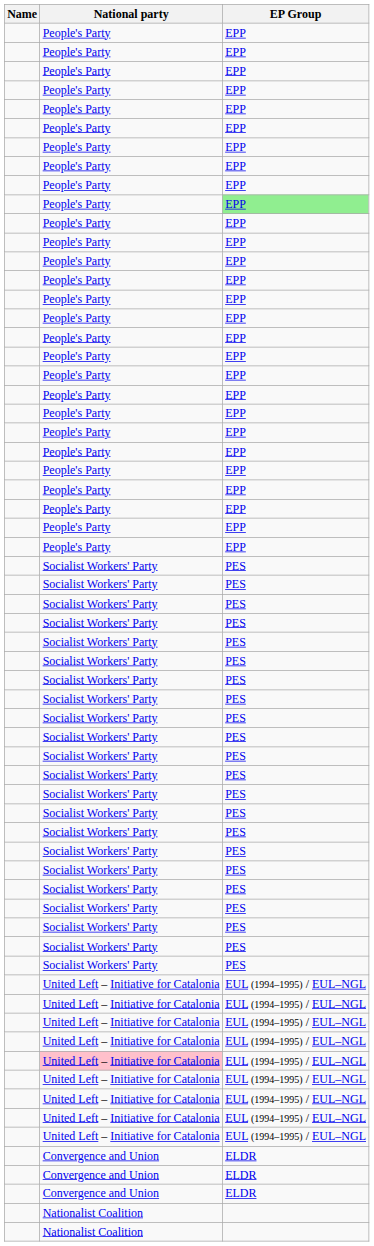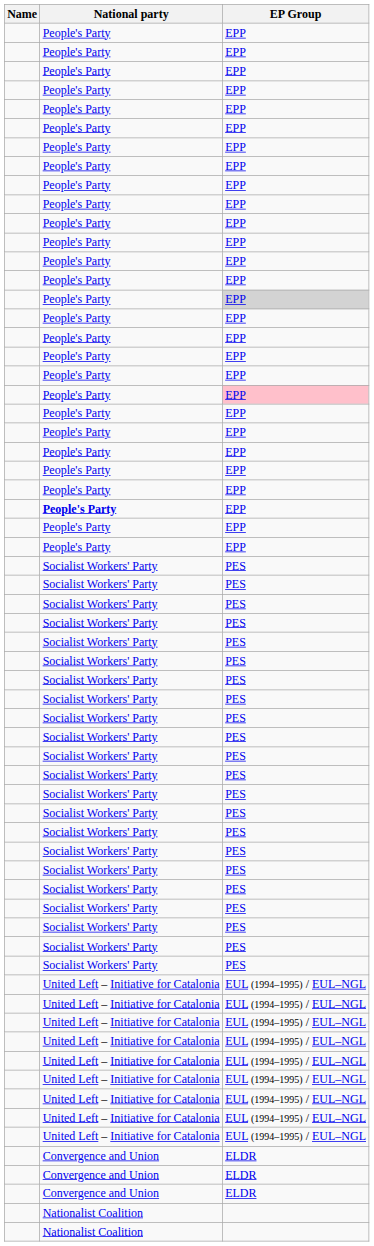 <table class="sortable wikitable">
 <tr>
 <th>Name</th>
 <th>National party</th>
 <th>EP Group</th>
-</tr>
-<tr>
-<td></td>
-<td> <a href='#'>People's Party</a></td>
-<td> <a href='#'>EPP</a></td>
-</tr>
-<tr>
-<td></td>
-<td> <a href='#'>People's Party</a></td>
-<td> <a href='#'>EPP</a></td>
-</tr>
-<tr>
-<td></td>
-<td> <a href='#'>People's Party</a></td>
-<td> <a href='#'>EPP</a></td>
-</tr>
-<tr>
-<td></td>
-<td> <a href='#'>People's Party</a></td>
-<td> <a href='#'>EPP</a></td>
-</tr>
-<tr>
-<td></td>
-<td> <a href='#'>People's Party</a></td>
-<td> <a href='#'>EPP</a></td>
-</tr>
-<tr>
-<td></td>
-<td> <a href='#'>People's Party</a></td>
-<td> <a href='#'>EPP</a></td>
-</tr>
-<tr>
-<td></td>
-<td> <a href='#'>People's Party</a></td>
-<td> <a href='#'>EPP</a></td>
-</tr>
-<tr>
-<td></td>
-<td> <a href='#'>People's Party</a></td>
-<td> <a href='#'>EPP</a></td>
-</tr>
-<tr>
-<td></td>
-<td> <a href='#'>People's Party</a></td>
-<td> <a href='#'>EPP</a></td>
-</tr>
-<tr>
-<td></td>
-<td> <a href='#'>People's Party</a></td>
-<td style="background: lightgreen;"> <a href='#'>EPP</a></td>
 </tr>
 <tr>
 <td></td>
 <td> <a href='#'>People's Party</a></td>
 <td> <a href='#'>EPP</a></td>
 </tr>
 <tr>
 <td></td>
 <td> <a href='#'>People's Party</a></td>
 <td> <a href='#'>EPP</a></td>
 </tr>
 <tr>
 <td></td>
 <td> <a href='#'>People's Party</a></td>
 <td> <a href='#'>EPP</a></td>
 </tr>
 <tr>
 <td></td>
 <td> <a href='#'>People's Party</a></td>
 <td> <a href='#'>EPP</a></td>
 </tr>
 <tr>
 <td></td>
 <td> <a href='#'>People's Party</a></td>
 <td> <a href='#'>EPP</a></td>
 </tr>
 <tr>
 <td></td>
 <td> <a href='#'>People's Party</a></td>
 <td> <a href='#'>EPP</a></td>
 </tr>
 <tr>
 <td></td>
 <td> <a href='#'>People's Party</a></td>
 <td> <a href='#'>EPP</a></td>
 </tr>
 <tr>
 <td></td>
 <td> <a href='#'>People's Party</a></td>
 <td> <a href='#'>EPP</a></td>
 </tr>
 <tr>
 <td></td>
 <td> <a href='#'>People's Party</a></td>
 <td> <a href='#'>EPP</a></td>
 </tr>
 <tr>
 <td></td>
 <td> <a href='#'>People's Party</a></td>
 <td> <a href='#'>EPP</a></td>
 </tr>
 <tr>
 <td></td>
 <td> <a href='#'>People's Party</a></td>
 <td> <a href='#'>EPP</a></td>
 </tr>
 <tr>
 <td></td>
 <td> <a href='#'>People's Party</a></td>
 <td> <a href='#'>EPP</a></td>
 </tr>
 <tr>
 <td></td>
 <td> <a href='#'>People's Party</a></td>
 <td> <a href='#'>EPP</a></td>
 </tr>
 <tr>
 <td></td>
 <td> <a href='#'>People's Party</a></td>
 <td> <a href='#'>EPP</a></td>
 </tr>
 <tr>
 <td></td>
 <td> <a href='#'>People's Party</a></td>
+<td style="background: lightgrey;"> <a href='#'>EPP</a></td>
+</tr>
+<tr>
+<td></td>
+<td> <a href='#'>People's Party</a></td>
 <td> <a href='#'>EPP</a></td>
 </tr>
 <tr>
 <td></td>
 <td> <a href='#'>People's Party</a></td>
+<td> <a href='#'>EPP</a></td>
+</tr>
+<tr>
+<td></td>
+<td> <a href='#'>People's Party</a></td>
+<td> <a href='#'>EPP</a></td>
+</tr>
+<tr>
+<td></td>
+<td> <a href='#'>People's Party</a></td>
+<td> <a href='#'>EPP</a></td>
+</tr>
+<tr>
+<td></td>
+<td> <a href='#'>People's Party</a></td>
+<td style="background: pink;"> <a href='#'>EPP</a></td>
+</tr>
+<tr>
+<td></td>
+<td> <a href='#'>People's Party</a></td>
+<td> <a href='#'>EPP</a></td>
+</tr>
+<tr>
+<td></td>
+<td> <a href='#'>People's Party</a></td>
+<td> <a href='#'>EPP</a></td>
+</tr>
+<tr>
+<td></td>
+<td> <a href='#'>People's Party</a></td>
+<td> <a href='#'>EPP</a></td>
+</tr>
+<tr>
+<td></td>
+<td> <a href='#'>People's Party</a></td>
+<td> <a href='#'>EPP</a></td>
+</tr>
+<tr>
+<td></td>
+<td> <a href='#'>People's Party</a></td>
+<td> <a href='#'>EPP</a></td>
+</tr>
+<tr>
+<td></td>
+<td><strong> <a href='#'>People's Party</a></strong></td>
 <td> <a href='#'>EPP</a></td>
 </tr>
 <tr>
 <td></td>
 <td> <a href='#'>People's Party</a></td>
 <td> <a href='#'>EPP</a></td>
 </tr>
 <tr>
 <td></td>
 <td> <a href='#'>People's Party</a></td>
 <td> <a href='#'>EPP</a></td>
 </tr>
 <tr>
 <td></td>
 <td> <a href='#'>Socialist Workers' Party</a></td>
 <td> <a href='#'>PES</a></td>
 </tr>
 <tr>
 <td></td>
 <td> <a href='#'>Socialist Workers' Party</a></td>
 <td> <a href='#'>PES</a></td>
 </tr>
 <tr>
 <td></td>
 <td> <a href='#'>Socialist Workers' Party</a></td>
 <td> <a href='#'>PES</a></td>
 </tr>
 <tr>
 <td></td>
 <td> <a href='#'>Socialist Workers' Party</a></td>
 <td> <a href='#'>PES</a></td>
 </tr>
 <tr>
 <td></td>
 <td> <a href='#'>Socialist Workers' Party</a></td>
 <td> <a href='#'>PES</a></td>
 </tr>
 <tr>
 <td></td>
 <td> <a href='#'>Socialist Workers' Party</a></td>
 <td> <a href='#'>PES</a></td>
 </tr>
 <tr>
 <td></td>
 <td> <a href='#'>Socialist Workers' Party</a></td>
 <td> <a href='#'>PES</a></td>
 </tr>
 <tr>
 <td></td>
 <td> <a href='#'>Socialist Workers' Party</a></td>
 <td> <a href='#'>PES</a></td>
 </tr>
 <tr>
 <td></td>
 <td> <a href='#'>Socialist Workers' Party</a></td>
 <td> <a href='#'>PES</a></td>
 </tr>
 <tr>
 <td></td>
 <td> <a href='#'>Socialist Workers' Party</a></td>
 <td> <a href='#'>PES</a></td>
 </tr>
 <tr>
 <td></td>
 <td> <a href='#'>Socialist Workers' Party</a></td>
 <td> <a href='#'>PES</a></td>
 </tr>
 <tr>
 <td></td>
 <td> <a href='#'>Socialist Workers' Party</a></td>
 <td> <a href='#'>PES</a></td>
 </tr>
 <tr>
 <td></td>
 <td> <a href='#'>Socialist Workers' Party</a></td>
 <td> <a href='#'>PES</a></td>
 </tr>
 <tr>
 <td></td>
 <td> <a href='#'>Socialist Workers' Party</a></td>
 <td> <a href='#'>PES</a></td>
 </tr>
 <tr>
 <td></td>
 <td> <a href='#'>Socialist Workers' Party</a></td>
 <td> <a href='#'>PES</a></td>
 </tr>
 <tr>
 <td></td>
 <td> <a href='#'>Socialist Workers' Party</a></td>
 <td> <a href='#'>PES</a></td>
 </tr>
 <tr>
 <td></td>
 <td> <a href='#'>Socialist Workers' Party</a></td>
 <td> <a href='#'>PES</a></td>
 </tr>
 <tr>
 <td></td>
 <td> <a href='#'>Socialist Workers' Party</a></td>
 <td> <a href='#'>PES</a></td>
 </tr>
 <tr>
 <td></td>
 <td> <a href='#'>Socialist Workers' Party</a></td>
 <td> <a href='#'>PES</a></td>
 </tr>
 <tr>
 <td></td>
 <td> <a href='#'>Socialist Workers' Party</a></td>
 <td> <a href='#'>PES</a></td>
 </tr>
 <tr>
 <td></td>
 <td> <a href='#'>Socialist Workers' Party</a></td>
 <td> <a href='#'>PES</a></td>
 </tr>
 <tr>
 <td></td>
 <td> <a href='#'>Socialist Workers' Party</a></td>
 <td> <a href='#'>PES</a></td>
 </tr>
 <tr>
 <td></td>
 <td> <a href='#'>United Left</a> – <a href='#'>Initiative for Catalonia</a></td>
 <td> <a href='#'>EUL</a> <small>(1994–1995)</small> / <a href='#'>EUL–NGL</a></td>
 </tr>
 <tr>
 <td></td>
 <td> <a href='#'>United Left</a> – <a href='#'>Initiative for Catalonia</a></td>
 <td> <a href='#'>EUL</a> <small>(1994–1995)</small> / <a href='#'>EUL–NGL</a></td>
 </tr>
 <tr>
 <td></td>
 <td> <a href='#'>United Left</a> – <a href='#'>Initiative for Catalonia</a></td>
 <td> <a href='#'>EUL</a> <small>(1994–1995)</small> / <a href='#'>EUL–NGL</a></td>
 </tr>
 <tr>
 <td></td>
 <td> <a href='#'>United Left</a> – <a href='#'>Initiative for Catalonia</a></td>
 <td> <a href='#'>EUL</a> <small>(1994–1995)</small> / <a href='#'>EUL–NGL</a></td>
 </tr>
 <tr>
 <td></td>
-<td style="background: pink;"> <a href='#'>United Left</a> – <a href='#'>Initiative for Catalonia</a></td>
+<td> <a href='#'>United Left</a> – <a href='#'>Initiative for Catalonia</a></td>
 <td> <a href='#'>EUL</a> <small>(1994–1995)</small> / <a href='#'>EUL–NGL</a></td>
 </tr>
 <tr>
 <td></td>
 <td> <a href='#'>United Left</a> – <a href='#'>Initiative for Catalonia</a></td>
 <td> <a href='#'>EUL</a> <small>(1994–1995)</small> / <a href='#'>EUL–NGL</a></td>
 </tr>
 <tr>
 <td></td>
 <td> <a href='#'>United Left</a> – <a href='#'>Initiative for Catalonia</a></td>
 <td> <a href='#'>EUL</a> <small>(1994–1995)</small> / <a href='#'>EUL–NGL</a></td>
 </tr>
 <tr>
 <td></td>
 <td> <a href='#'>United Left</a> – <a href='#'>Initiative for Catalonia</a></td>
 <td> <a href='#'>EUL</a> <small>(1994–1995)</small> / <a href='#'>EUL–NGL</a></td>
 </tr>
 <tr>
 <td></td>
 <td> <a href='#'>United Left</a> – <a href='#'>Initiative for Catalonia</a></td>
 <td> <a href='#'>EUL</a> <small>(1994–1995)</small> / <a href='#'>EUL–NGL</a></td>
 </tr>
 <tr>
 <td></td>
 <td> <a href='#'>Convergence and Union</a></td>
 <td> <a href='#'>ELDR</a></td>
 </tr>
 <tr>
 <td></td>
 <td> <a href='#'>Convergence and Union</a></td>
 <td> <a href='#'>ELDR</a></td>
 </tr>
 <tr>
 <td></td>
 <td> <a href='#'>Convergence and Union</a></td>
 <td> <a href='#'>ELDR</a></td>
 </tr>
 <tr>
 <td></td>
 <td> <a href='#'>Nationalist Coalition</a></td>
 <td></td>
 </tr>
 <tr>
 <td></td>
 <td> <a href='#'>Nationalist Coalition</a></td>
 <td></td>
 </tr>
 </table>
